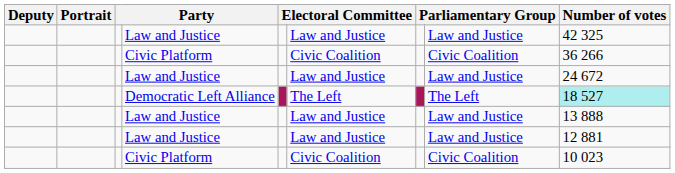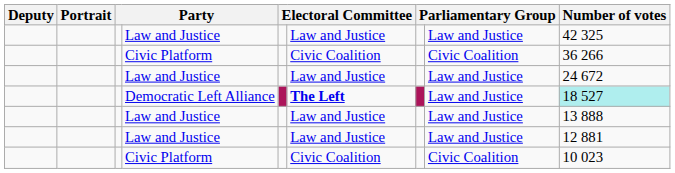 <table class="wikitable sortable" style="font-size:95%;line-height:14px;">
 <tr>
 <th>Deputy</th>
 <th>Portrait</th>
 <th colspan="2">Party</th>
 <th colspan="2">Electoral Committee</th>
 <th colspan="2">Parliamentary Group</th>
 <th>Number of votes</th>
 </tr>
 <tr>
 <td></td>
 <td></td>
 <td style="background:"></td>
 <td><a href='#'>Law and Justice</a></td>
 <td style="background:"></td>
 <td><a href='#'>Law and Justice</a></td>
 <td style="background:"></td>
 <td><a href='#'>Law and Justice</a></td>
 <td>42 325</td>
 </tr>
 <tr>
 <td></td>
 <td></td>
 <td style="background:"></td>
 <td><a href='#'>Civic Platform</a></td>
 <td style="background:"></td>
 <td><a href='#'>Civic Coalition</a></td>
 <td style="background:"></td>
 <td><a href='#'>Civic Coalition</a></td>
 <td>36 266</td>
 </tr>
 <tr>
 <td></td>
 <td></td>
 <td style="background:"></td>
 <td><a href='#'>Law and Justice</a></td>
 <td style="background:"></td>
 <td><a href='#'>Law and Justice</a></td>
 <td style="background:"></td>
 <td><a href='#'>Law and Justice</a></td>
 <td>24 672</td>
 </tr>
 <tr>
 <td></td>
 <td></td>
 <td style="background:"></td>
 <td><a href='#'>Democratic Left Alliance</a></td>
 <td style="background:#AC145A;"></td>
-<td><a href='#'>The Left</a></td>
+<td><strong><a href='#'>The Left</a></strong></td>
 <td style="background:#AC145A;"></td>
-<td><a href='#'>The Left</a></td>
+<td><a href='#'>Law and Justice</a></td>
 <td style="background: paleturquoise;">18 527</td>
 </tr>
 <tr>
 <td></td>
 <td></td>
 <td style="background:"></td>
 <td><a href='#'>Law and Justice</a></td>
 <td style="background:"></td>
 <td><a href='#'>Law and Justice</a></td>
 <td style="background:"></td>
 <td><a href='#'>Law and Justice</a></td>
 <td>13 888</td>
 </tr>
 <tr>
 <td></td>
 <td></td>
 <td style="background:"></td>
 <td><a href='#'>Law and Justice</a></td>
 <td style="background:"></td>
 <td><a href='#'>Law and Justice</a></td>
 <td style="background:"></td>
 <td><a href='#'>Law and Justice</a></td>
 <td>12 881</td>
 </tr>
 <tr>
 <td></td>
 <td></td>
 <td style="background:"></td>
 <td><a href='#'>Civic Platform</a></td>
 <td style="background:"></td>
 <td><a href='#'>Civic Coalition</a></td>
 <td style="background:"></td>
 <td><a href='#'>Civic Coalition</a></td>
 <td>10 023</td>
 </tr>
 </table>
